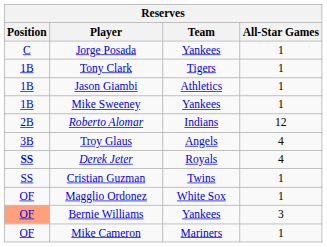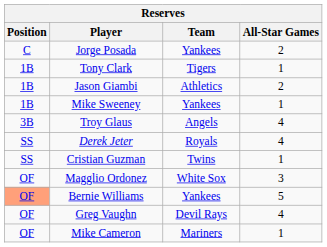 <table class="wikitable" style="font-size: 100%; text-align:right;">
 <tr>
 <th colspan="4">Reserves</th>
 </tr>
 <tr>
 <th>Position</th>
 <th width="150">Player</th>
 <th width="100">Team</th>
 <th>All-Star Games</th>
 </tr>
 <tr>
 <td align="center"><a href='#'>C</a></td>
 <td align="center"><a href='#'>Jorge Posada</a></td>
 <td align="center"><a href='#'>Yankees</a></td>
-<td align="center">1</td>
+<td align="center">2</td>
 </tr>
 <tr>
 <td align="center"><a href='#'>1B</a></td>
 <td align="center"><a href='#'>Tony Clark</a></td>
 <td align="center"><a href='#'>Tigers</a></td>
 <td align="center">1</td>
 </tr>
 <tr>
 <td align="center"><a href='#'>1B</a></td>
 <td align="center"><a href='#'>Jason Giambi</a></td>
 <td align="center"><a href='#'>Athletics</a></td>
-<td align="center">1</td>
+<td align="center">2</td>
 </tr>
 <tr>
 <td align="center"><a href='#'>1B</a></td>
 <td align="center"><a href='#'>Mike Sweeney</a></td>
 <td align="center"><a href='#'>Yankees</a></td>
 <td align="center">1</td>
 </tr>
 <tr>
-<td align="center"><a href='#'>2B</a></td>
-<td align="center"><em><a href='#'>Roberto Alomar</a></em></td>
-<td align="center"><a href='#'>Indians</a></td>
-<td align="center">12</td>
-</tr>
-<tr>
 <td align="center"><a href='#'>3B</a></td>
 <td align="center"><a href='#'>Troy Glaus</a></td>
 <td align="center"><a href='#'>Angels</a></td>
 <td align="center">4</td>
 </tr>
 <tr>
-<td align="center"><strong><a href='#'>SS</a></strong></td>
+<td align="center"><a href='#'>SS</a></td>
 <td align="center"><em><a href='#'>Derek Jeter</a></em></td>
 <td align="center"><a href='#'>Royals</a></td>
 <td align="center">4</td>
 </tr>
 <tr>
 <td align="center"><a href='#'>SS</a></td>
 <td align="center"><a href='#'>Cristian Guzman</a></td>
 <td align="center"><a href='#'>Twins</a></td>
 <td align="center">1</td>
 </tr>
 <tr>
 <td align="center"><a href='#'>OF</a></td>
 <td align="center"><a href='#'>Magglio Ordonez</a></td>
 <td align="center"><a href='#'>White Sox</a></td>
-<td align="center">1</td>
+<td align="center">3</td>
 </tr>
 <tr>
 <td align="center" style="background: lightsalmon;"><a href='#'>OF</a></td>
 <td align="center"><a href='#'>Bernie Williams</a></td>
 <td align="center"><a href='#'>Yankees</a></td>
-<td align="center">3</td>
+<td align="center">5</td>
+</tr>
+<tr>
+<td align="center"><a href='#'>OF</a></td>
+<td align="center"><a href='#'>Greg Vaughn</a></td>
+<td align="center"><a href='#'>Devil Rays</a></td>
+<td align="center">4</td>
 </tr>
 <tr>
 <td align="center"><a href='#'>OF</a></td>
 <td align="center"><a href='#'>Mike Cameron</a> </td>
 <td align="center"><a href='#'>Mariners</a></td>
 <td align="center">1</td>
 </tr>
 </table>
